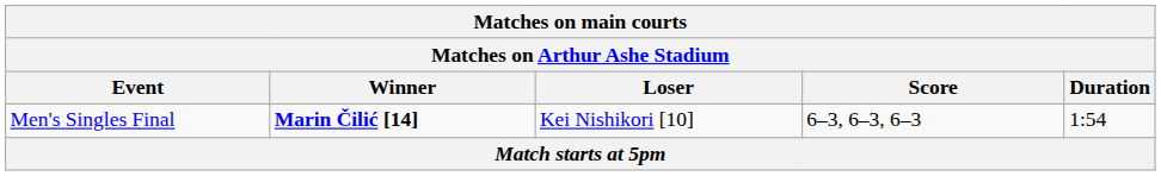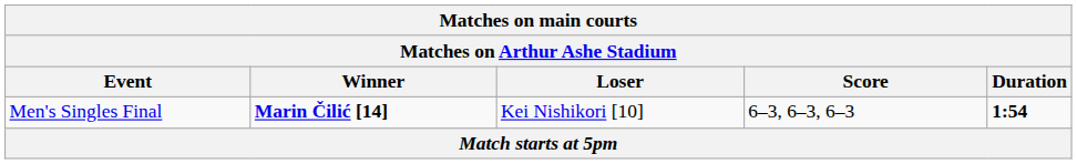 <table class="wikitable collapsible uncollapsed" style="margin:auto;">
 <tr>
 <th colspan="5" style="white-space:nowrap;">Matches on main courts</th>
 </tr>
 <tr>
 <th colspan="5"><strong>Matches on <a href='#'>Arthur Ashe Stadium</a></strong></th>
 </tr>
 <tr>
 <th width=220>Event</th>
 <th width=220>Winner</th>
 <th width=220>Loser</th>
 <th width=220>Score</th>
 <th>Duration</th>
 </tr>
 <tr>
 <td><a href='#'>Men's Singles Final</a></td>
 <td><strong> <a href='#'>Marin Čilić</a> [14]</strong></td>
 <td> <a href='#'>Kei Nishikori</a> [10]</td>
 <td>6–3, 6–3, 6–3</td>
-<td>1:54</td>
+<td><strong>1:54</strong></td>
 </tr>
 <tr>
 <th colspan=5><em>Match starts at 5pm</em></th>
 </tr>
 </table>
